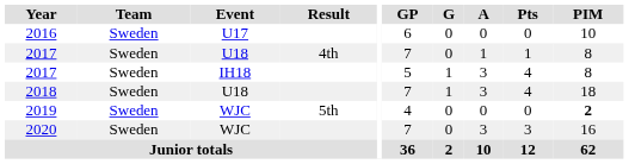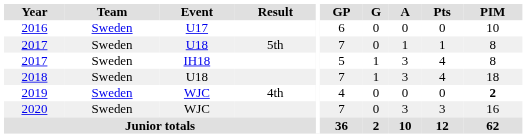 <table border="0" cellpadding="1" cellspacing="0" ID="Table3" style="text-align:center; width:40em">
 <tr ALIGN="center" bgcolor="#e0e0e0">
 <th>Year</th>
 <th>Team</th>
 <th>Event</th>
 <th>Result</th>
 <th rowspan="99" bgcolor="#ffffff"></th>
 <th>GP</th>
 <th>G</th>
 <th>A</th>
 <th>Pts</th>
 <th>PIM</th>
 </tr>
 <tr>
 <td><a href='#'>2016</a></td>
 <td><a href='#'>Sweden</a></td>
 <td><a href='#'>U17</a></td>
 <td></td>
 <td>6</td>
 <td>0</td>
 <td>0</td>
 <td>0</td>
 <td>10</td>
 </tr>
 <tr bgcolor="#f0f0f0">
 <td><a href='#'>2017</a></td>
 <td>Sweden</td>
 <td><a href='#'>U18</a></td>
-<td>4th</td>
+<td>5th</td>
 <td>7</td>
 <td>0</td>
 <td>1</td>
 <td>1</td>
 <td>8</td>
 </tr>
 <tr>
 <td><a href='#'>2017</a></td>
 <td>Sweden</td>
 <td><a href='#'>IH18</a></td>
 <td></td>
 <td>5</td>
 <td>1</td>
 <td>3</td>
 <td>4</td>
 <td>8</td>
 </tr>
 <tr bgcolor="#f0f0f0">
 <td><a href='#'>2018</a></td>
 <td>Sweden</td>
 <td>U18</td>
 <td></td>
 <td>7</td>
 <td>1</td>
 <td>3</td>
 <td>4</td>
 <td>18</td>
 </tr>
 <tr>
 <td><a href='#'>2019</a></td>
 <td><a href='#'>Sweden</a></td>
 <td><a href='#'>WJC</a></td>
-<td>5th</td>
+<td>4th</td>
 <td>4</td>
 <td>0</td>
 <td>0</td>
 <td>0</td>
 <td><strong>2</strong></td>
 </tr>
 <tr bgcolor="#f0f0f0">
 <td><a href='#'>2020</a></td>
 <td>Sweden</td>
 <td>WJC</td>
 <td></td>
 <td>7</td>
 <td>0</td>
 <td>3</td>
 <td>3</td>
 <td>16</td>
 </tr>
 <tr bgcolor="#e0e0e0">
 <th colspan="4">Junior totals</th>
 <th>36</th>
 <th>2</th>
 <th>10</th>
 <th>12</th>
 <th>62</th>
 </tr>
 </table>
